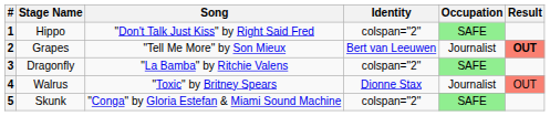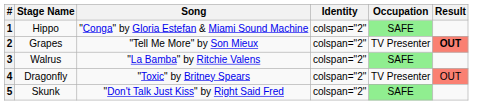 <table class="wikitable plainrowheaders" style="text-align: center;">
 <tr>
 <th><strong>#</strong></th>
 <th><strong>Stage Name</strong></th>
 <th><strong>Song</strong></th>
 <th>Identity</th>
 <th><strong>Occupation</strong></th>
 <th>Result</th>
 </tr>
 <tr>
 <th>1</th>
 <td>Hippo</td>
-<td>"<a href='#'>Don't Talk Just Kiss</a>" by <a href='#'>Right Said Fred</a></td>
+<td>"<a href='#'>Conga</a>" by <a href='#'>Gloria Estefan</a> & <a href='#'>Miami Sound Machine</a></td>
 <td>colspan="2" </td>
 <td bgcolor="lightgreen">SAFE</td>
 </tr>
 <tr>
 <th>2</th>
 <td>Grapes</td>
 <td>"Tell Me More" by <a href='#'>Son Mieux</a></td>
-<td><a href='#'>Bert van Leeuwen</a></td>
-<td>Journalist</td>
+<td>colspan="2" </td>
+<td>TV Presenter</td>
 <td bgcolor=salmon><strong>OUT</strong></td>
 </tr>
 <tr>
 <th>3</th>
-<td>Dragonfly</td>
+<td>Walrus</td>
 <td>"<a href='#'>La Bamba</a>" by <a href='#'>Ritchie Valens</a></td>
 <td>colspan="2" </td>
 <td bgcolor="lightgreen">SAFE</td>
 </tr>
 <tr>
 <th>4</th>
-<td>Walrus</td>
+<td>Dragonfly</td>
 <td>"<a href='#'>Toxic</a>" by <a href='#'>Britney Spears</a></td>
-<td><a href='#'>Dionne Stax</a></td>
-<td>Journalist</td>
+<td>colspan="2" </td>
+<td>TV Presenter</td>
 <td bgcolor=salmon>OUT</td>
 </tr>
 <tr>
 <th>5</th>
 <td>Skunk</td>
-<td>"<a href='#'>Conga</a>" by <a href='#'>Gloria Estefan</a> & <a href='#'>Miami Sound Machine</a></td>
+<td>"<a href='#'>Don't Talk Just Kiss</a>" by <a href='#'>Right Said Fred</a></td>
 <td>colspan="2" </td>
 <td bgcolor="lightgreen">SAFE</td>
 </tr>
 </table>
